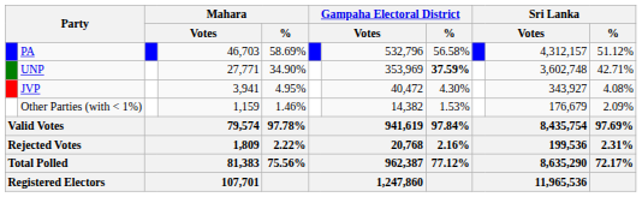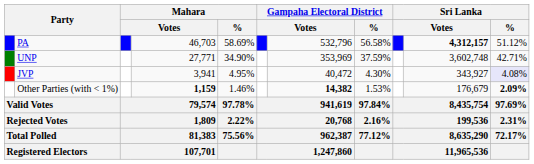 <table class="wikitable">
 <tr>
 <th colspan="2" width="144px"rowspan="2">Party</th>
 <th colspan="3" width="216px">Mahara</th>
 <th colspan="3" width="216px"><a href='#'>Gampaha Electoral District</a></th>
 <th colspan="3" width="216px">Sri Lanka</th>
 </tr>
 <tr>
 <th colspan="2" width="144px">Votes</th>
 <th>%</th>
 <th colspan="2" width="144px">Votes</th>
 <th>%</th>
 <th colspan="2" width="144px">Votes</th>
 <th>%</th>
 </tr>
 <tr>
 <td style="background-color:blue;" width="10px"></td>
 <td style="text-align:left;"><a href='#'>PA</a></td>
 <td style="background-color:blue;" width="10px"></td>
 <td style="text-align:right;">46,703</td>
 <td style="text-align:right;">58.69%</td>
 <td style="background-color:blue;" width="10px"></td>
 <td style="text-align:right;">532,796</td>
 <td style="text-align:right;">56.58%</td>
 <td style="background-color:blue;" width="10px"></td>
-<td style="text-align:right;">4,312,157</td>
+<td style="text-align:right;"><strong>4,312,157</strong></td>
 <td style="text-align:right;">51.12%</td>
 </tr>
 <tr>
 <td style="background-color:green;" width="10px"></td>
 <td style="text-align:left;"><a href='#'>UNP</a></td>
 <td style="background-color:white;" width="10px"></td>
 <td style="text-align:right;">27,771</td>
 <td style="text-align:right;">34.90%</td>
 <td style="background-color:white;" width="10px"></td>
 <td style="text-align:right;">353,969</td>
-<td style="text-align:right;"><strong>37.59%</strong></td>
+<td style="text-align:right;">37.59%</td>
 <td style="background-color:white;" width="10px"></td>
 <td style="text-align:right;">3,602,748</td>
 <td style="text-align:right;">42.71%</td>
 </tr>
 <tr>
 <td style="background-color:red;" width="10px"></td>
 <td style="text-align:left;"><a href='#'>JVP</a></td>
 <td style="background-color:white;" width="10px"></td>
 <td style="text-align:right;">3,941</td>
 <td style="text-align:right;">4.95%</td>
 <td style="background-color:white;" width="10px"></td>
 <td style="text-align:right;">40,472</td>
 <td style="text-align:right;">4.30%</td>
 <td style="background-color:white;" width="10px"></td>
 <td style="text-align:right;">343,927</td>
-<td style="text-align:right;">4.08%</td>
+<td style="background: lavender; text-align:right;">4.08%</td>
 </tr>
 <tr>
 <td style="background-color:white;" width="10px"></td>
 <td style="text-align:left;">Other Parties (with < 1%)</td>
 <td style="background-color:white;" width="10px"></td>
-<td style="text-align:right;">1,159</td>
+<td style="text-align:right;"><strong>1,159</strong></td>
 <td style="text-align:right;">1.46%</td>
 <td style="background-color:white;" width="10px"></td>
-<td style="text-align:right;">14,382</td>
+<td style="text-align:right;"><strong>14,382</strong></td>
 <td style="text-align:right;">1.53%</td>
 <td style="background-color:white;" width="10px"></td>
 <td style="text-align:right;">176,679</td>
-<td style="text-align:right;">2.09%</td>
+<td style="text-align:right;"><strong>2.09%</strong></td>
 </tr>
 <tr>
 <th colspan="2" width="144px"style="text-align:left;">Valid Votes</th>
 <th style="text-align:right;"colspan="2" width="144px">79,574</th>
 <th style="text-align:right;">97.78%</th>
 <th style="text-align:right;"colspan="2" width="144px">941,619</th>
 <th style="text-align:right;">97.84%</th>
 <th style="text-align:right;"colspan="2" width="144px">8,435,754</th>
 <th style="text-align:right;">97.69%</th>
 </tr>
 <tr>
 <th colspan="2" width="144px"style="text-align:left;">Rejected Votes</th>
 <th style="text-align:right;"colspan="2" width="144px">1,809</th>
 <th style="text-align:right;">2.22%</th>
 <th style="text-align:right;"colspan="2" width="144px">20,768</th>
 <th style="text-align:right;">2.16%</th>
 <th style="text-align:right;"colspan="2" width="144px">199,536</th>
 <th style="text-align:right;">2.31%</th>
 </tr>
 <tr>
 <th colspan="2" width="144px"style="text-align:left;">Total Polled</th>
 <th style="text-align:right;"colspan="2" width="144px">81,383</th>
 <th style="text-align:right;">75.56%</th>
 <th style="text-align:right;"colspan="2" width="144px">962,387</th>
 <th style="text-align:right;">77.12%</th>
 <th style="text-align:right;"colspan="2" width="144px">8,635,290</th>
 <th style="text-align:right;">72.17%</th>
 </tr>
 <tr>
 <th colspan="2" width="144px"style="text-align:left;">Registered Electors</th>
 <th style="text-align:right;"colspan="2" width="144px">107,701</th>
 <th></th>
 <th style="text-align:right;"colspan="2" width="144px">1,247,860</th>
 <th></th>
 <th style="text-align:right;"colspan="2" width="144px">11,965,536</th>
 <th></th>
 </tr>
 </table>
